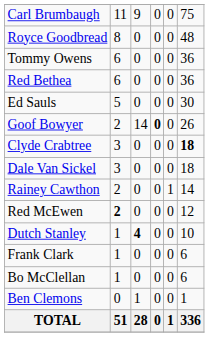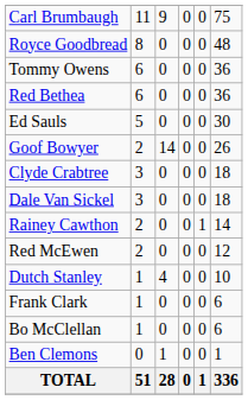 <table class="wikitable">
 <tr>
 </tr>
 <tr>
 <td><a href='#'>Carl Brumbaugh</a></td>
 <td>11</td>
 <td>9</td>
 <td>0</td>
 <td>0</td>
 <td>75</td>
 </tr>
 <tr>
 <td><a href='#'>Royce Goodbread</a></td>
 <td>8</td>
 <td>0</td>
 <td>0</td>
 <td>0</td>
 <td>48</td>
 </tr>
 <tr>
 <td>Tommy Owens</td>
 <td>6</td>
 <td>0</td>
 <td>0</td>
 <td>0</td>
 <td>36</td>
 </tr>
 <tr>
 <td><a href='#'>Red Bethea</a></td>
 <td>6</td>
 <td>0</td>
 <td>0</td>
 <td>0</td>
 <td>36</td>
 </tr>
 <tr>
 <td>Ed Sauls</td>
 <td>5</td>
 <td>0</td>
 <td>0</td>
 <td>0</td>
 <td>30</td>
 </tr>
 <tr>
 <td><a href='#'>Goof Bowyer</a></td>
 <td>2</td>
 <td>14</td>
-<td><strong>0</strong></td>
+<td>0</td>
 <td>0</td>
 <td>26</td>
 </tr>
 <tr>
 <td><a href='#'>Clyde Crabtree</a></td>
 <td>3</td>
 <td>0</td>
 <td>0</td>
 <td>0</td>
-<td><strong>18</strong></td>
+<td>18</td>
 </tr>
 <tr>
 <td><a href='#'>Dale Van Sickel</a></td>
 <td>3</td>
 <td>0</td>
 <td>0</td>
 <td>0</td>
 <td>18</td>
 </tr>
 <tr>
 <td><a href='#'>Rainey Cawthon</a></td>
 <td>2</td>
 <td>0</td>
 <td>0</td>
 <td>1</td>
 <td>14</td>
 </tr>
 <tr>
 <td>Red McEwen</td>
-<td><strong>2</strong></td>
+<td>2</td>
 <td>0</td>
 <td>0</td>
 <td>0</td>
 <td>12</td>
 </tr>
 <tr>
 <td><a href='#'>Dutch Stanley</a></td>
 <td>1</td>
-<td><strong>4</strong></td>
+<td>4</td>
 <td>0</td>
 <td>0</td>
 <td>10</td>
 </tr>
 <tr>
 <td>Frank Clark</td>
 <td>1</td>
 <td>0</td>
 <td>0</td>
 <td>0</td>
 <td>6</td>
 </tr>
 <tr>
 <td>Bo McClellan</td>
 <td>1</td>
 <td>0</td>
 <td>0</td>
 <td>0</td>
 <td>6</td>
 </tr>
 <tr>
 <td><a href='#'>Ben Clemons</a></td>
 <td>0</td>
 <td>1</td>
 <td>0</td>
 <td>0</td>
 <td>1</td>
 </tr>
 <tr>
 <th>TOTAL</th>
 <th>51</th>
 <th>28</th>
 <th>0</th>
 <th>1</th>
 <th>336</th>
 </tr>
 <tr>
 </tr>
 </table>
